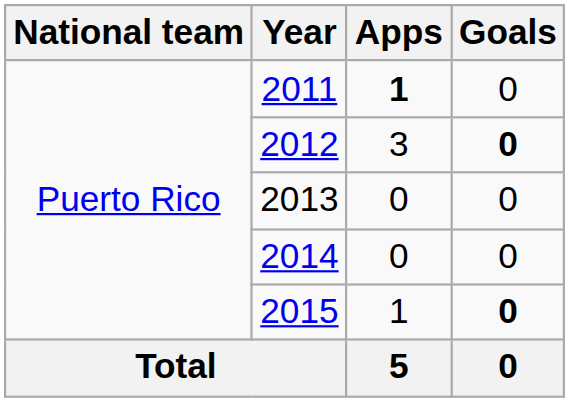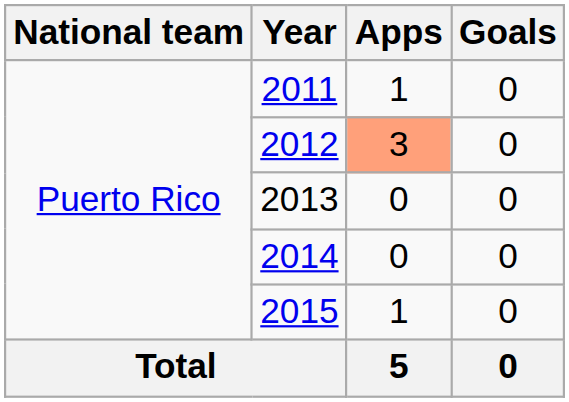 <table class="wikitable" style="text-align:center">
 <tr>
 <th>National team</th>
 <th>Year</th>
 <th>Apps</th>
 <th>Goals</th>
 </tr>
 <tr>
 <td rowspan=5><a href='#'>Puerto Rico</a></td>
 <td><a href='#'>2011</a></td>
-<td><strong>1</strong></td>
+<td>1</td>
 <td>0</td>
 </tr>
 <tr>
 <td><a href='#'>2012</a></td>
-<td>3</td>
-<td><strong>0</strong></td>
+<td style="background: lightsalmon;">3</td>
+<td>0</td>
 </tr>
 <tr>
 <td>2013</td>
 <td>0</td>
 <td>0</td>
 </tr>
 <tr>
 <td><a href='#'>2014</a></td>
 <td>0</td>
 <td>0</td>
 </tr>
 <tr>
 <td><a href='#'>2015</a></td>
 <td>1</td>
-<td><strong>0</strong></td>
+<td>0</td>
 </tr>
 <tr>
 <th colspan=2>Total</th>
 <th>5</th>
 <th>0</th>
 </tr>
 </table>
